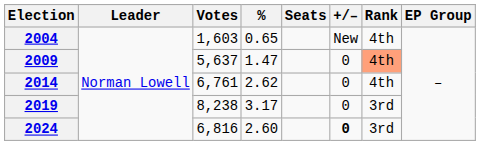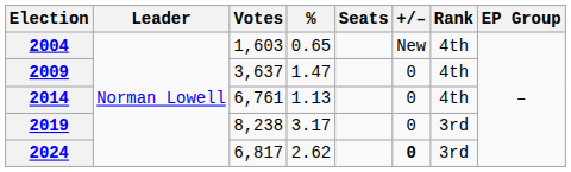 <table class="wikitable" style="text-align:center">
 <tr>
 <th>Election</th>
 <th>Leader</th>
 <th>Votes</th>
 <th>%</th>
 <th>Seats</th>
 <th>+/–</th>
 <th>Rank</th>
 <th>EP Group</th>
 </tr>
 <tr>
 <th><a href='#'>2004</a></th>
 <td rowspan="5"><a href='#'>Norman Lowell</a></td>
 <td>1,603</td>
 <td>0.65</td>
 <td></td>
 <td>New</td>
 <td> 4th</td>
 <td rowspan="5">–</td>
 </tr>
 <tr>
 <th><a href='#'>2009</a></th>
-<td>5,637</td>
+<td>3,637</td>
 <td>1.47</td>
 <td></td>
 <td> 0</td>
-<td style="background: lightsalmon;"> 4th</td>
+<td> 4th</td>
 </tr>
 <tr>
 <th><a href='#'>2014</a></th>
 <td>6,761</td>
-<td>2.62</td>
+<td>1.13</td>
 <td></td>
 <td> 0</td>
 <td> 4th</td>
 </tr>
 <tr>
 <th><a href='#'>2019</a></th>
 <td>8,238</td>
 <td>3.17</td>
 <td></td>
 <td> 0</td>
 <td> 3rd</td>
 </tr>
 <tr>
 <th><a href='#'>2024</a></th>
-<td>6,816</td>
-<td>2.60</td>
+<td>6,817</td>
+<td>2.62</td>
 <td></td>
 <td><strong> 0</strong></td>
 <td> 3rd</td>
 </tr>
 </table>
